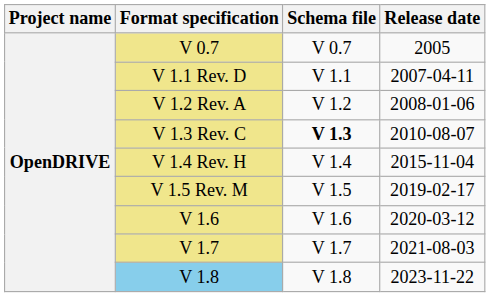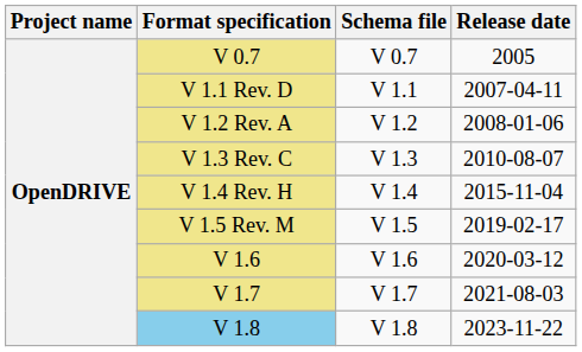 <table class="wikitable" style="text-align:center" border="1">
 <tr>
 <th>Project name</th>
 <th>Format specification</th>
 <th>Schema file</th>
 <th>Release date</th>
 </tr>
 <tr>
 <th rowspan="9">OpenDRIVE<br></th>
 <td style="background:Khaki;">V 0.7</td>
 <td>V 0.7</td>
 <td>2005</td>
 </tr>
 <tr>
 <td style="background:Khaki;">V 1.1 Rev. D</td>
 <td>V 1.1</td>
 <td>2007-04-11</td>
 </tr>
 <tr>
 <td style="background:Khaki;">V 1.2 Rev. A</td>
 <td>V 1.2</td>
 <td>2008-01-06</td>
 </tr>
 <tr>
 <td style="background:Khaki;">V 1.3 Rev. C</td>
-<td><strong>V 1.3</strong></td>
+<td>V 1.3</td>
 <td>2010-08-07</td>
 </tr>
 <tr>
 <td style="background:Khaki;">V 1.4 Rev. H</td>
 <td>V 1.4</td>
 <td>2015-11-04</td>
 </tr>
 <tr>
 <td style="background:Khaki;">V 1.5 Rev. M</td>
 <td>V 1.5</td>
 <td>2019-02-17</td>
 </tr>
 <tr>
 <td style="background:Khaki;">V 1.6</td>
 <td>V 1.6</td>
 <td>2020-03-12</td>
 </tr>
 <tr>
 <td style="background:Khaki;">V 1.7</td>
 <td>V 1.7</td>
 <td>2021-08-03</td>
 </tr>
 <tr>
 <td style="background:SkyBlue;">V 1.8</td>
 <td>V 1.8</td>
 <td>2023-11-22</td>
 </tr>
 </table>
